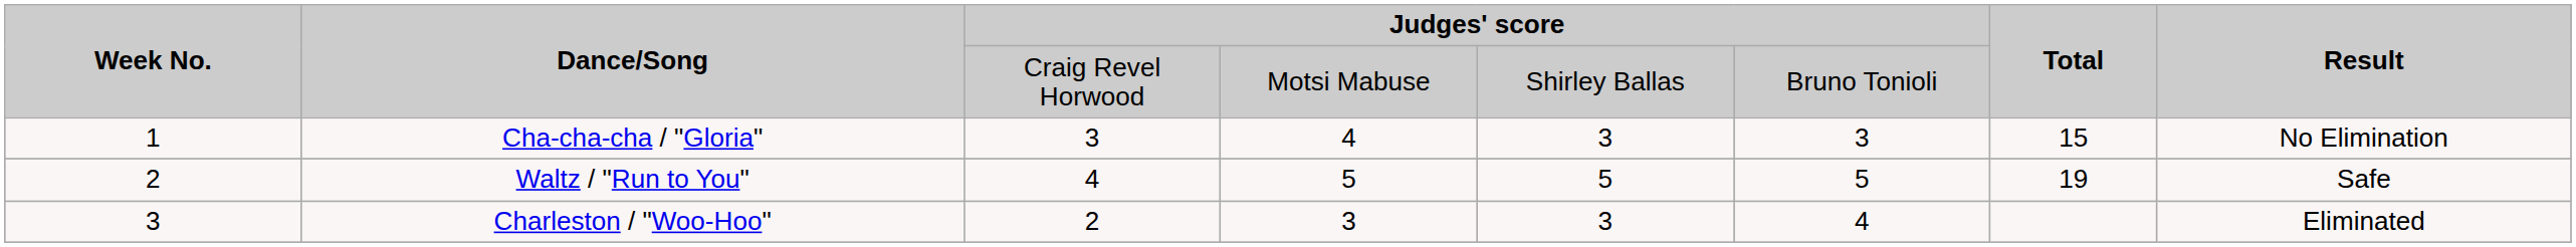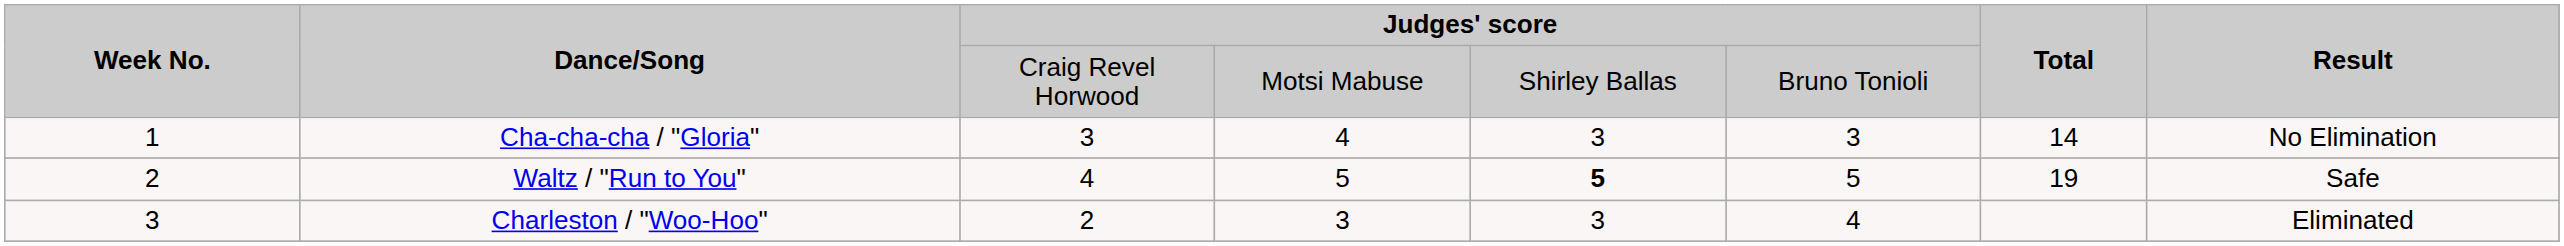 <table class="wikitable">
 <tr>
 <th rowspan="2" style="background:#ccc; text-align:Center;"><strong>Week No.</strong></th>
 <th rowspan="2" style="background:#ccc; text-align:Center;"><strong>Dance/Song</strong></th>
 <th colspan="4" style="background:#ccc; text-align:Center;"><strong>Judges' score</strong></th>
 <th rowspan="2" style="background:#ccc; text-align:Center;"><strong>Total</strong></th>
 <th rowspan="2" style="background:#ccc; text-align:Center;"><strong>Result</strong></th>
 </tr>
 <tr style="text-align:center; background:#ccc;">
 <td style="width:10%; ">Craig Revel Horwood</td>
 <td style="width:10%; ">Motsi Mabuse</td>
 <td style="width:10%; ">Shirley Ballas</td>
 <td style="width:10%; ">Bruno Tonioli</td>
 </tr>
 <tr style="text-align:center; background:#faf6f6">
 <td>1</td>
 <td><a href='#'>Cha-cha-cha</a> / "<a href='#'>Gloria</a>"</td>
 <td>3</td>
 <td>4</td>
 <td>3</td>
 <td>3</td>
-<td>15</td>
+<td>14</td>
 <td>No Elimination</td>
 </tr>
 <tr style="text-align:center; background:#faf6f6">
 <td>2</td>
 <td><a href='#'>Waltz</a> / "<a href='#'>Run to You</a>"</td>
 <td>4</td>
 <td>5</td>
-<td>5</td>
+<td><strong>5</strong></td>
 <td>5</td>
 <td>19</td>
 <td>Safe</td>
 </tr>
 <tr style="text-align:center; background:#faf6f6">
 <td>3</td>
 <td><a href='#'>Charleston</a> / "<a href='#'>Woo-Hoo</a>"</td>
 <td>2</td>
 <td>3</td>
 <td>3</td>
 <td>4</td>
 <td></td>
 <td>Eliminated</td>
 </tr>
 </table>
